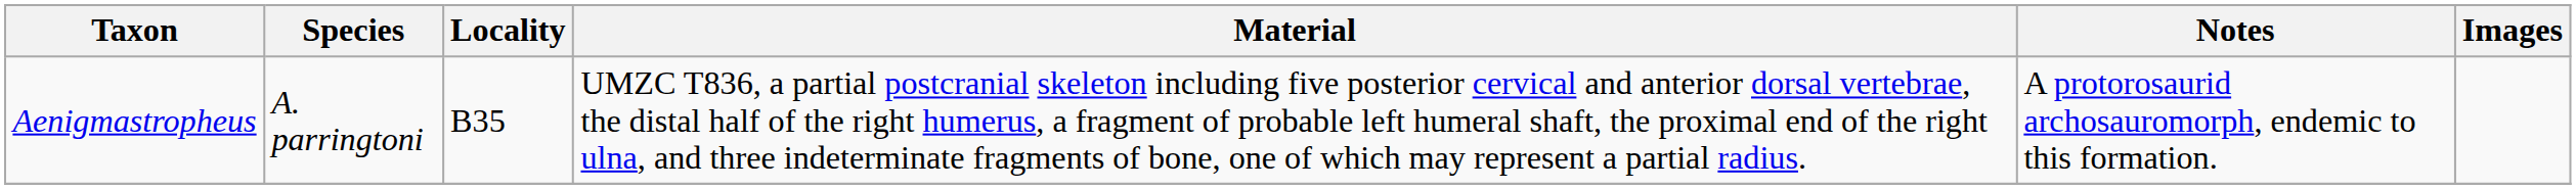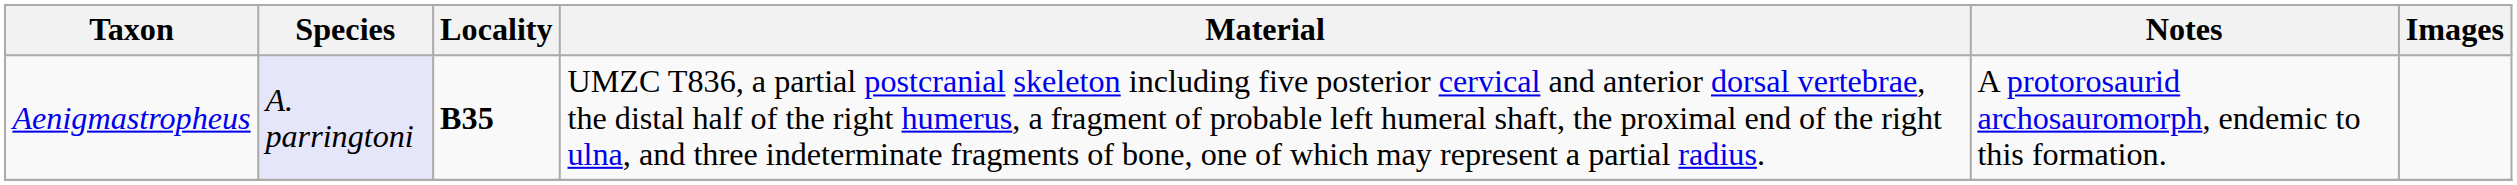 <table class="wikitable sortable">
 <tr>
 <th>Taxon</th>
 <th>Species</th>
 <th>Locality</th>
 <th class="unsortable">Material</th>
 <th class="unsortable">Notes</th>
 <th class="unsortable">Images</th>
 </tr>
 <tr>
 <td><em><a href='#'>Aenigmastropheus</a></em></td>
-<td><em>A. parringtoni</em></td>
-<td>B35</td>
+<td style="background: lavender;"><em>A. parringtoni</em></td>
+<td><strong>B35</strong></td>
 <td>UMZC T836, a partial <a href='#'>postcranial</a> <a href='#'>skeleton</a> including five posterior <a href='#'>cervical</a> and anterior <a href='#'>dorsal vertebrae</a>, the distal half of the right <a href='#'>humerus</a>, a fragment of probable left humeral shaft, the proximal end of the right <a href='#'>ulna</a>, and three indeterminate fragments of bone, one of which may represent a partial <a href='#'>radius</a>.</td>
 <td>A <a href='#'>protorosaurid</a> <a href='#'>archosauromorph</a>, endemic to this formation.</td>
 <td></td>
 </tr>
 <tr>
 </tr>
 </table>
